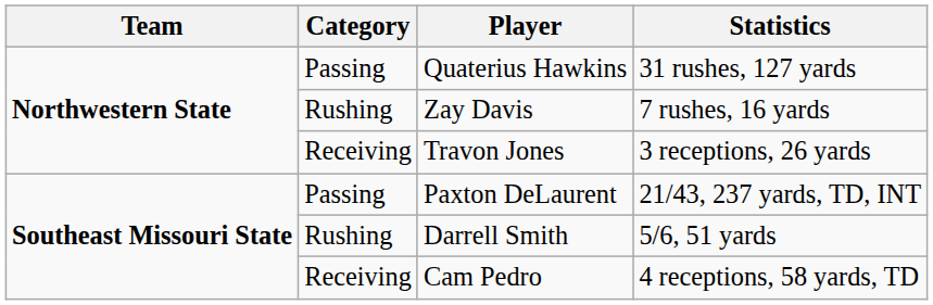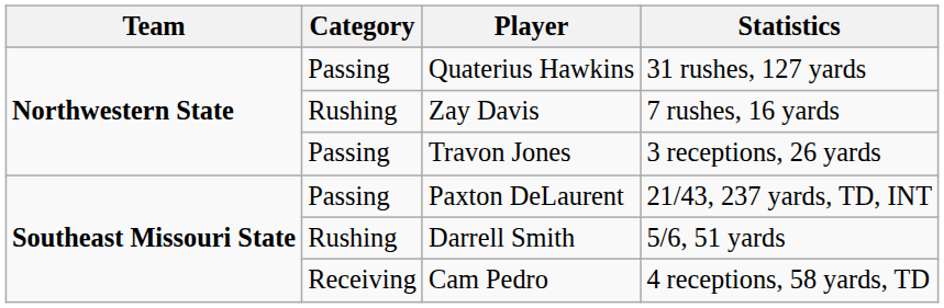 <table class="wikitable" style="float: right;">
 <tr>
 <th>Team</th>
 <th>Category</th>
 <th>Player</th>
 <th>Statistics</th>
 </tr>
 <tr>
 <td rowspan=3><strong>Northwestern State</strong></td>
 <td>Passing</td>
 <td>Quaterius Hawkins</td>
 <td>31 rushes, 127 yards</td>
 </tr>
 <tr>
 <td>Rushing</td>
 <td>Zay Davis</td>
 <td>7 rushes, 16 yards</td>
 </tr>
 <tr>
-<td>Receiving</td>
+<td>Passing</td>
 <td>Travon Jones</td>
 <td>3 receptions, 26 yards</td>
 </tr>
 <tr>
 <td rowspan=3><strong>Southeast Missouri State</strong></td>
 <td>Passing</td>
 <td>Paxton DeLaurent</td>
 <td>21/43, 237 yards, TD, INT</td>
 </tr>
 <tr>
 <td>Rushing</td>
 <td>Darrell Smith</td>
 <td>5/6, 51 yards</td>
 </tr>
 <tr>
 <td>Receiving</td>
 <td>Cam Pedro</td>
 <td>4 receptions, 58 yards, TD</td>
 </tr>
 </table>
